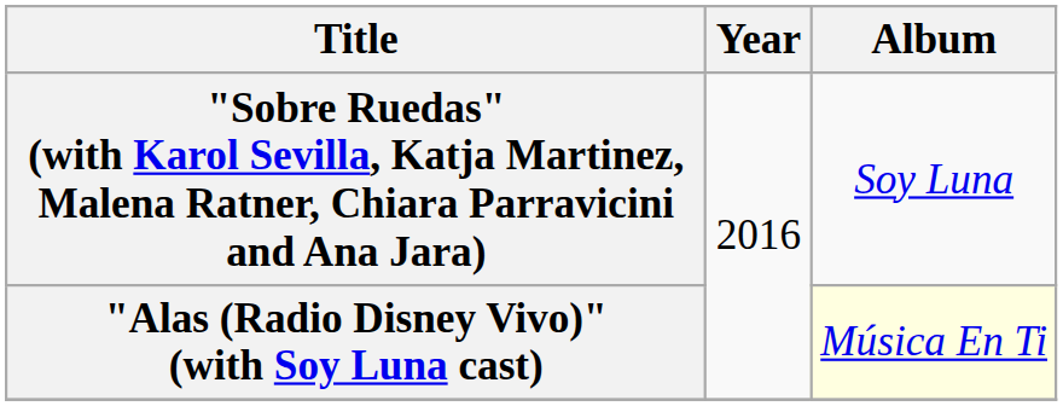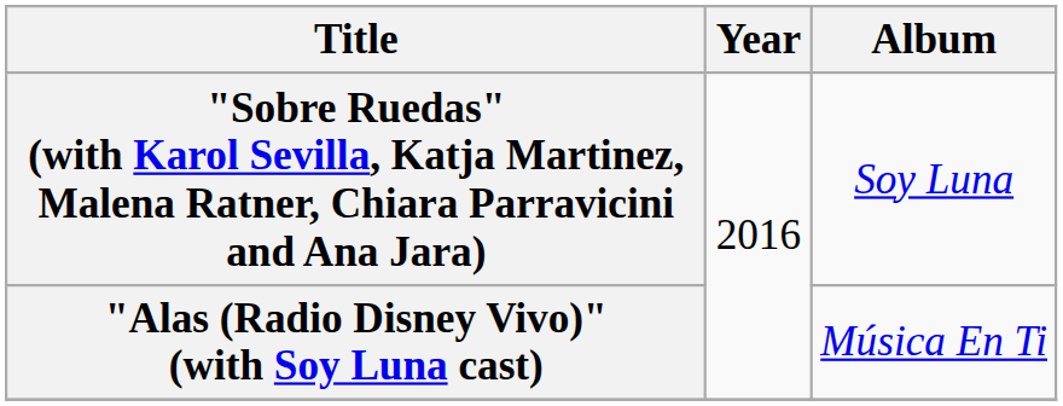 <table class="wikitable plainrowheaders" style="text-align:center;">
 <tr>
 <th scope="col" style="width:16em;">Title</th>
 <th scope="col">Year</th>
 <th scope="col">Album</th>
 </tr>
 <tr>
 <th scope="row">"Sobre Ruedas"<br><span>(with <a href='#'>Karol Sevilla</a>, Katja Martinez, Malena Ratner, Chiara Parravicini and Ana Jara)</span></th>
 <td rowspan="2">2016</td>
 <td><em><a href='#'>Soy Luna</a></em></td>
 </tr>
 <tr>
 <th scope="row">"Alas (Radio Disney Vivo)"<br><span>(with <a href='#'>Soy Luna</a> cast)</span></th>
-<td style="background: lightyellow;"><em><a href='#'>Música En Ti</a></em></td>
+<td><em><a href='#'>Música En Ti</a></em></td>
 </tr>
 <tr>
 </tr>
 </table>
